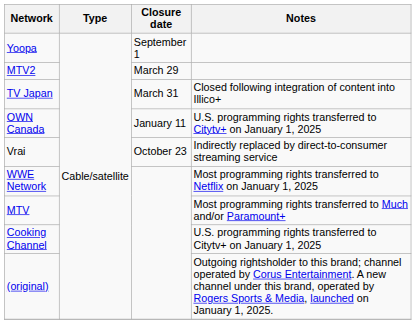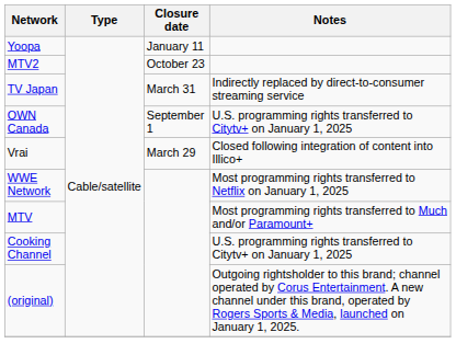 <table class="wikitable">
 <tr>
 <th>Network</th>
 <th>Type</th>
 <th>Closure date</th>
 <th>Notes</th>
 </tr>
 <tr>
 <td><a href='#'>Yoopa</a></td>
 <td rowspan=9>Cable/satellite</td>
-<td>September 1</td>
+<td>January 11</td>
 <td></td>
 </tr>
 <tr>
 <td><a href='#'>MTV2</a></td>
-<td>March 29</td>
+<td>October 23</td>
 <td></td>
 </tr>
 <tr>
 <td><a href='#'>TV Japan</a></td>
 <td>March 31</td>
-<td>Closed following integration of content into Illico+</td>
+<td>Indirectly replaced by  direct-to-consumer streaming service</td>
 </tr>
 <tr>
 <td><a href='#'>OWN Canada</a></td>
-<td>January 11</td>
+<td>September 1</td>
 <td>U.S. programming rights transferred to <a href='#'>Citytv+</a> on January 1, 2025</td>
 </tr>
 <tr>
 <td>Vrai</td>
-<td>October 23</td>
-<td>Indirectly replaced by  direct-to-consumer streaming service</td>
+<td>March 29</td>
+<td>Closed following integration of content into Illico+</td>
 </tr>
 <tr>
 <td><a href='#'>WWE Network</a></td>
 <td rowspan=4></td>
 <td>Most programming rights transferred to <a href='#'>Netflix</a> on January 1, 2025</td>
 </tr>
 <tr>
 <td><a href='#'>MTV</a></td>
 <td>Most programming rights transferred to <a href='#'>Much</a> and/or <a href='#'>Paramount+</a></td>
 </tr>
 <tr>
 <td><a href='#'>Cooking Channel</a></td>
 <td>U.S. programming rights transferred to Citytv+ on January 1, 2025</td>
 </tr>
 <tr>
 <td><a href='#'> (original)</a></td>
 <td>Outgoing rightsholder to this brand; channel operated by <a href='#'>Corus Entertainment</a>. A new channel  under this brand, operated by <a href='#'>Rogers Sports & Media</a>, <a href='#'>launched</a> on January 1, 2025.</td>
 </tr>
 <tr>
 </tr>
 </table>
